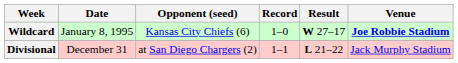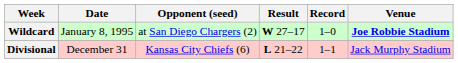 <table class="wikitable" style="text-align:center">
 <tr>
 <th>Week</th>
 <th>Date</th>
 <th>Opponent (seed)</th>
+<th>Result</th>
 <th>Record</th>
-<th>Result</th>
 <th>Venue</th>
 </tr>
 <tr style="background:#cfc">
 <th>Wildcard</th>
 <td>January 8, 1995</td>
-<td><a href='#'>Kansas City Chiefs</a> (6)</td>
+<td>at <a href='#'>San Diego Chargers</a> (2)</td>
+<td><strong>W</strong> 27–17</td>
 <td>1–0</td>
-<td><strong>W</strong> 27–17</td>
 <td><strong><a href='#'>Joe Robbie Stadium</a></strong></td>
 </tr>
 <tr style="background:#fcc">
 <th>Divisional</th>
 <td>December 31</td>
-<td>at <a href='#'>San Diego Chargers</a> (2)</td>
+<td><a href='#'>Kansas City Chiefs</a> (6)</td>
+<td><strong>L</strong> 21–22</td>
 <td>1–1</td>
-<td><strong>L</strong> 21–22</td>
 <td><a href='#'>Jack Murphy Stadium</a></td>
 </tr>
 </table>
